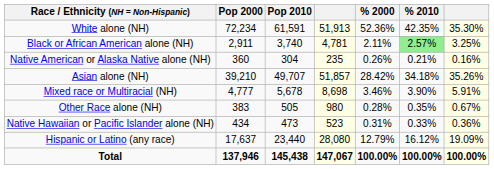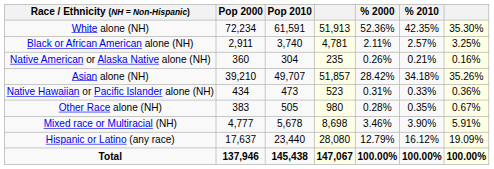 <table class="wikitable" style="text-align:center;">
 <tr>
 <th>Race / Ethnicity <small>(<em>NH = Non-Hispanic</em>)</small></th>
 <th>Pop 2000</th>
 <th>Pop 2010</th>
 <th></th>
 <th>% 2000</th>
 <th>% 2010</th>
 <th></th>
 </tr>
 <tr>
 <td><a href='#'>White</a> alone (NH)</td>
 <td>72,234</td>
 <td>61,591</td>
 <td style='background: #ffffe6;'>51,913</td>
 <td>52.36%</td>
 <td>42.35%</td>
 <td style='background: #ffffe6;'>35.30%</td>
 </tr>
 <tr>
 <td><a href='#'>Black or African American</a> alone (NH)</td>
 <td>2,911</td>
 <td>3,740</td>
 <td style='background: #ffffe6;'>4,781</td>
 <td>2.11%</td>
-<td style="background: lightgreen;">2.57%</td>
+<td>2.57%</td>
 <td style='background: #ffffe6;'>3.25%</td>
 </tr>
 <tr>
 <td><a href='#'>Native American</a> or <a href='#'>Alaska Native</a> alone (NH)</td>
 <td>360</td>
 <td>304</td>
 <td style='background: #ffffe6;'>235</td>
 <td>0.26%</td>
 <td>0.21%</td>
 <td style='background: #ffffe6;'>0.16%</td>
 </tr>
 <tr>
 <td><a href='#'>Asian</a> alone (NH)</td>
 <td>39,210</td>
 <td>49,707</td>
 <td style='background: #ffffe6;'>51,857</td>
 <td>28.42%</td>
 <td>34.18%</td>
 <td style='background: #ffffe6;'>35.26%</td>
 </tr>
 <tr>
-<td><a href='#'>Mixed race or Multiracial</a> (NH)</td>
-<td>4,777</td>
-<td>5,678</td>
-<td style='background: #ffffe6;'>8,698</td>
-<td>3.46%</td>
-<td>3.90%</td>
-<td style='background: #ffffe6;'>5.91%</td>
+<td><a href='#'>Native Hawaiian</a> or <a href='#'>Pacific Islander</a> alone (NH)</td>
+<td>434</td>
+<td>473</td>
+<td style='background: #ffffe6;'>523</td>
+<td>0.31%</td>
+<td>0.33%</td>
+<td style='background: #ffffe6;'>0.36%</td>
 </tr>
 <tr>
 <td><a href='#'>Other Race</a> alone (NH)</td>
 <td>383</td>
 <td>505</td>
 <td style='background: #ffffe6;'>980</td>
 <td>0.28%</td>
 <td>0.35%</td>
 <td style='background: #ffffe6;'>0.67%</td>
 </tr>
 <tr>
-<td><a href='#'>Native Hawaiian</a> or <a href='#'>Pacific Islander</a> alone (NH)</td>
-<td>434</td>
-<td>473</td>
-<td style='background: #ffffe6;'>523</td>
-<td>0.31%</td>
-<td>0.33%</td>
-<td style='background: #ffffe6;'>0.36%</td>
+<td><a href='#'>Mixed race or Multiracial</a> (NH)</td>
+<td>4,777</td>
+<td>5,678</td>
+<td style='background: #ffffe6;'>8,698</td>
+<td>3.46%</td>
+<td>3.90%</td>
+<td style='background: #ffffe6;'>5.91%</td>
 </tr>
 <tr>
 <td><a href='#'>Hispanic or Latino</a> (any race)</td>
 <td>17,637</td>
 <td>23,440</td>
 <td style='background: #ffffe6;'>28,080</td>
 <td>12.79%</td>
 <td>16.12%</td>
 <td style='background: #ffffe6;'>19.09%</td>
 </tr>
 <tr>
 <td><strong>Total</strong></td>
 <td><strong>137,946</strong></td>
 <td><strong>145,438</strong></td>
 <td style='background: #ffffe6;'><strong>147,067</strong></td>
 <td><strong>100.00%</strong></td>
 <td><strong>100.00%</strong></td>
 <td style='background: #ffffe6;'><strong>100.00%</strong></td>
 </tr>
 </table>
